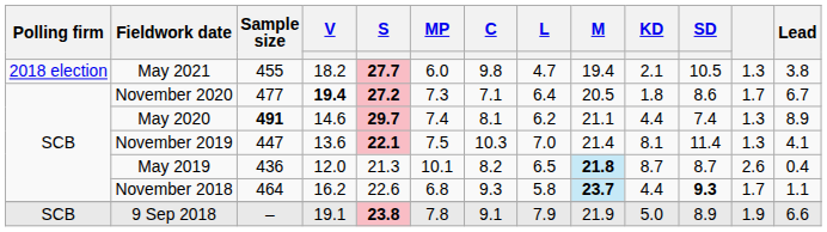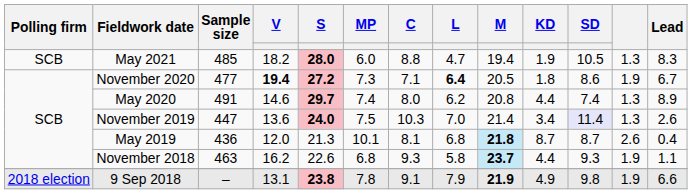 <table class="wikitable sortable" style="text-align:center;font-size:90%;line-height:14px;">
 <tr style="height:40px;">
 <th rowspan="2">Polling firm</th>
 <th rowspan="2">Fieldwork date</th>
 <th rowspan="2">Sample<br>size</th>
 <th class="sortable" style="width:40px;"><a href='#'>V</a></th>
 <th class="sortable" style="width:40px;"><a href='#'>S</a></th>
 <th class="sortable" style="width:40px;"><a href='#'>MP</a></th>
 <th class="sortable" style="width:40px;"><a href='#'>C</a></th>
 <th class="sortable" style="width:40px;"><a href='#'>L</a></th>
 <th class="sortable" style="width:40px;"><a href='#'>M</a></th>
 <th class="sortable" style="width:40px;"><a href='#'>KD</a></th>
 <th class="sortable" style="width:40px;"><a href='#'>SD</a></th>
 <th class="sortable" style="width:30px;" rowspan="2"></th>
 <th style="width:30px;" rowspan="2">Lead</th>
 </tr>
 <tr>
 <th style="background:"></th>
 <th style="background:"></th>
 <th style="background:"></th>
 <th style="background:"></th>
 <th style="background:"></th>
 <th style="background:"></th>
 <th style="background:"></th>
 <th style="background:"></th>
 </tr>
 <tr>
-<td><a href='#'>2018 election</a></td>
+<td>SCB</td>
 <td>May 2021</td>
-<td>455</td>
+<td>485</td>
 <td>18.2</td>
-<td style="background:#F9BDC5;"><strong>27.7</strong></td>
+<td style="background:#F9BDC5;"><strong>28.0</strong></td>
 <td>6.0</td>
-<td>9.8</td>
+<td>8.8</td>
 <td>4.7</td>
 <td>19.4</td>
-<td>2.1</td>
+<td>1.9</td>
 <td>10.5</td>
 <td>1.3</td>
-<td style="background:">3.8</td>
+<td style="background:">8.3</td>
 </tr>
 <tr>
 <td rowspan="5">SCB</td>
 <td>November 2020</td>
 <td>477</td>
 <td><strong>19.4</strong></td>
 <td style="background:#F9BDC5;"><strong>27.2</strong></td>
 <td>7.3</td>
 <td>7.1</td>
-<td>6.4</td>
+<td><strong>6.4</strong></td>
 <td>20.5</td>
 <td>1.8</td>
 <td>8.6</td>
-<td>1.7</td>
+<td>1.9</td>
 <td style="background:">6.7</td>
 </tr>
 <tr>
 <td>May 2020</td>
-<td><strong>491</strong></td>
+<td>491</td>
 <td>14.6</td>
 <td style="background:#F9BDC5;"><strong>29.7</strong></td>
 <td>7.4</td>
-<td>8.1</td>
+<td>8.0</td>
 <td>6.2</td>
-<td>21.1</td>
+<td>20.8</td>
 <td>4.4</td>
 <td>7.4</td>
 <td>1.3</td>
 <td style="background:">8.9</td>
 </tr>
 <tr>
 <td>November 2019</td>
 <td>447</td>
 <td>13.6</td>
-<td style="background:#F9BDC5;"><strong>22.1</strong></td>
+<td style="background:#F9BDC5;"><strong>24.0</strong></td>
 <td>7.5</td>
 <td>10.3</td>
 <td>7.0</td>
 <td>21.4</td>
-<td>8.1</td>
-<td>11.4</td>
+<td>3.4</td>
+<td style="background: lavender;">11.4</td>
 <td>1.3</td>
-<td style="background:">4.1</td>
+<td style="background:">2.6</td>
 </tr>
 <tr>
 <td>May 2019</td>
 <td>436</td>
 <td>12.0</td>
 <td>21.3</td>
 <td>10.1</td>
-<td>8.2</td>
-<td>6.5</td>
+<td>8.1</td>
+<td>6.8</td>
 <td style="background:#C6E9F7;"><strong>21.8</strong></td>
 <td>8.7</td>
 <td>8.7</td>
 <td>2.6</td>
 <td style="background:">0.4</td>
 </tr>
 <tr>
 <td>November 2018</td>
-<td>464</td>
+<td>463</td>
 <td>16.2</td>
 <td>22.6</td>
 <td>6.8</td>
 <td>9.3</td>
 <td>5.8</td>
 <td style="background:#C6E9F7;"><strong>23.7</strong></td>
 <td>4.4</td>
-<td><strong>9.3</strong></td>
-<td>1.7</td>
+<td>9.3</td>
+<td>1.9</td>
 <td style="background:">1.1</td>
 </tr>
 <tr>
 </tr>
 <tr style="background:#E9E9E9;">
-<td>SCB</td>
+<td><a href='#'>2018 election</a></td>
 <td data-sort-value="2018-09-09">9 Sep 2018</td>
 <td>–</td>
-<td>19.1</td>
+<td>13.1</td>
 <td style="background:#F9BDC5;"><strong>23.8</strong></td>
 <td>7.8</td>
 <td>9.1</td>
 <td>7.9</td>
-<td>21.9</td>
-<td>5.0</td>
-<td>8.9</td>
+<td><strong>21.9</strong></td>
+<td>4.9</td>
+<td>9.8</td>
 <td>1.9</td>
 <td style="background:">6.6</td>
 </tr>
 </table>
